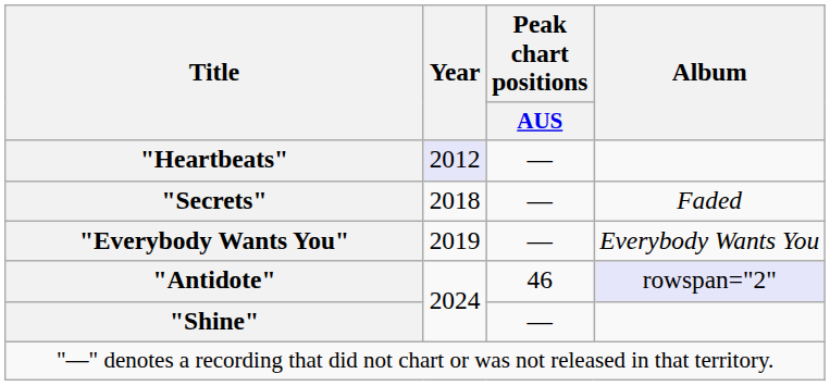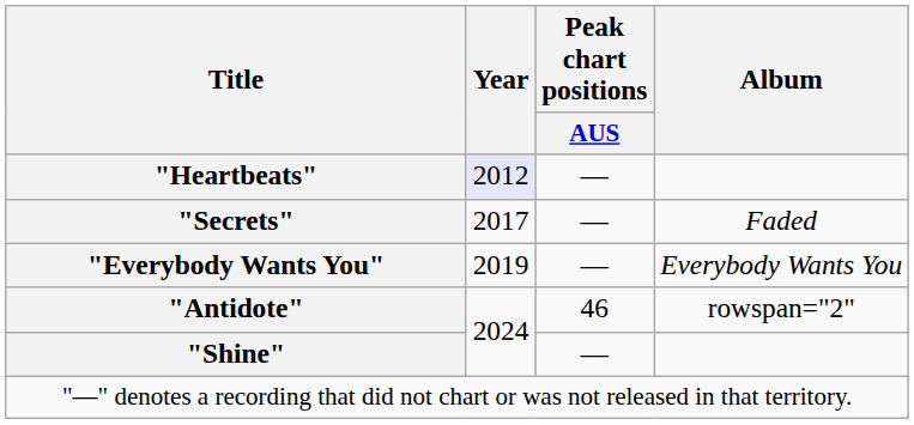 <table class="wikitable plainrowheaders" style="text-align:center">
 <tr>
 <th scope="col" rowspan="2" style="width:16em;">Title</th>
 <th scope="col" rowspan="2" style="width:1em;">Year</th>
 <th scope="col" colspan="1">Peak chart positions</th>
 <th scope="col" rowspan="2">Album</th>
 </tr>
 <tr>
 <th scope="col" style="width:3em;font-size:90%;"><a href='#'>AUS</a><br></th>
 </tr>
 <tr>
 <th scope="row">"Heartbeats" <br></th>
 <td style="background: lavender;">2012</td>
 <td>—</td>
 <td></td>
 </tr>
 <tr>
 <th scope="row">"Secrets" <br></th>
-<td>2018</td>
+<td>2017</td>
 <td>—</td>
 <td><em>Faded</em></td>
 </tr>
 <tr>
 <th scope="row">"Everybody Wants You" <br></th>
 <td>2019</td>
 <td>—</td>
 <td><em>Everybody Wants You</em></td>
 </tr>
 <tr>
 <th scope="row">"Antidote" <br></th>
 <td rowspan="2">2024</td>
 <td>46</td>
-<td style="background: lavender;">rowspan="2" </td>
+<td>rowspan="2" </td>
 </tr>
 <tr>
 <th scope="row">"Shine" <br></th>
 <td>—</td>
 </tr>
 <tr>
 <td colspan="6" style="font-size:90%">"—" denotes a recording that did not chart or was not released in that territory.</td>
 </tr>
 </table>
